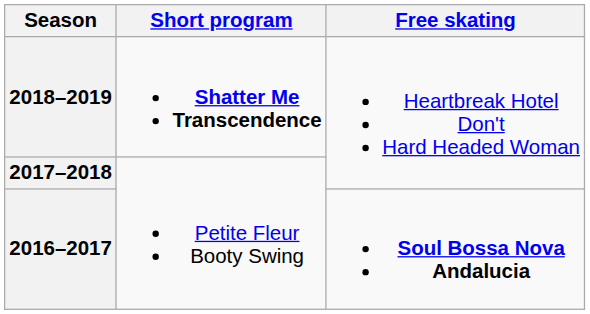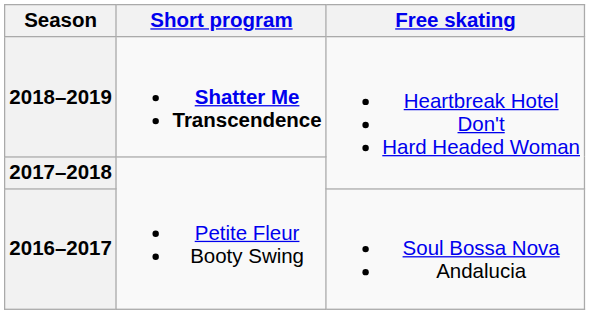 <table class=wikitable style=text-align:center>
 <tr>
 <th>Season</th>
 <th><a href='#'>Short program</a></th>
 <th><a href='#'>Free skating</a></th>
 </tr>
 <tr>
 <th>2018–2019 <br> </th>
 <td><strong><br><ul><li><a href='#'>Shatter Me</a> <br></li><li>Transcendence <br></li></ul></strong></td>
 <td rowspan=2><br><ul><li><a href='#'>Heartbreak Hotel</a> <br></li><li><a href='#'>Don't</a> <br></li><li><a href='#'>Hard Headed Woman</a> <br></li></ul></td>
 </tr>
 <tr>
 <th>2017–2018 <br> </th>
 <td rowspan=2><br><ul><li><a href='#'>Petite Fleur</a> <br></li><li>Booty Swing <br></li></ul></td>
 </tr>
 <tr>
 <th>2016–2017 <br> </th>
-<td><strong><br><ul><li><a href='#'>Soul Bossa Nova</a> <br></li><li>Andalucia <br></li></ul></strong></td>
+<td><br><ul><li><a href='#'>Soul Bossa Nova</a> <br></li><li>Andalucia <br></li></ul></td>
 </tr>
 </table>
